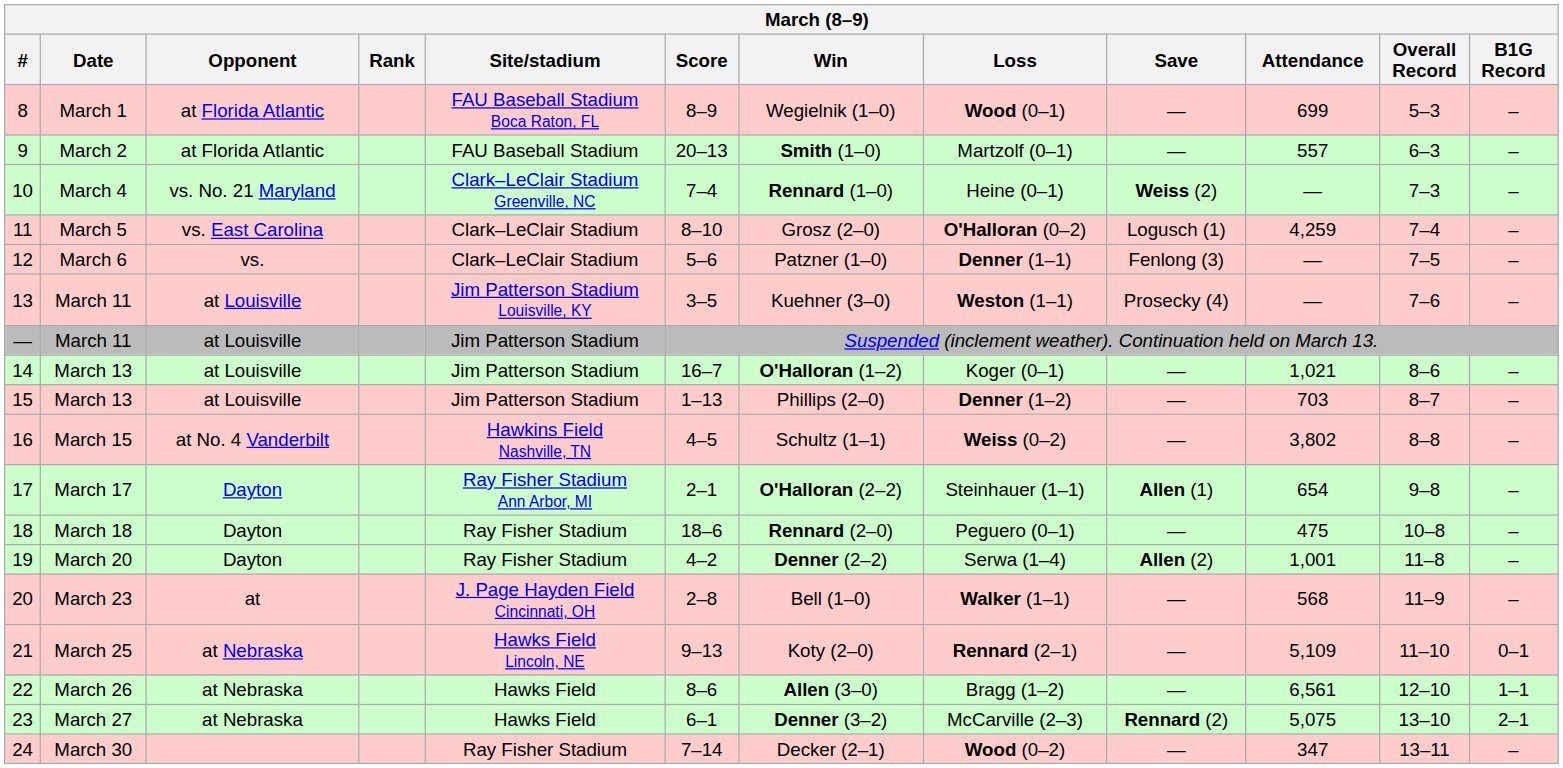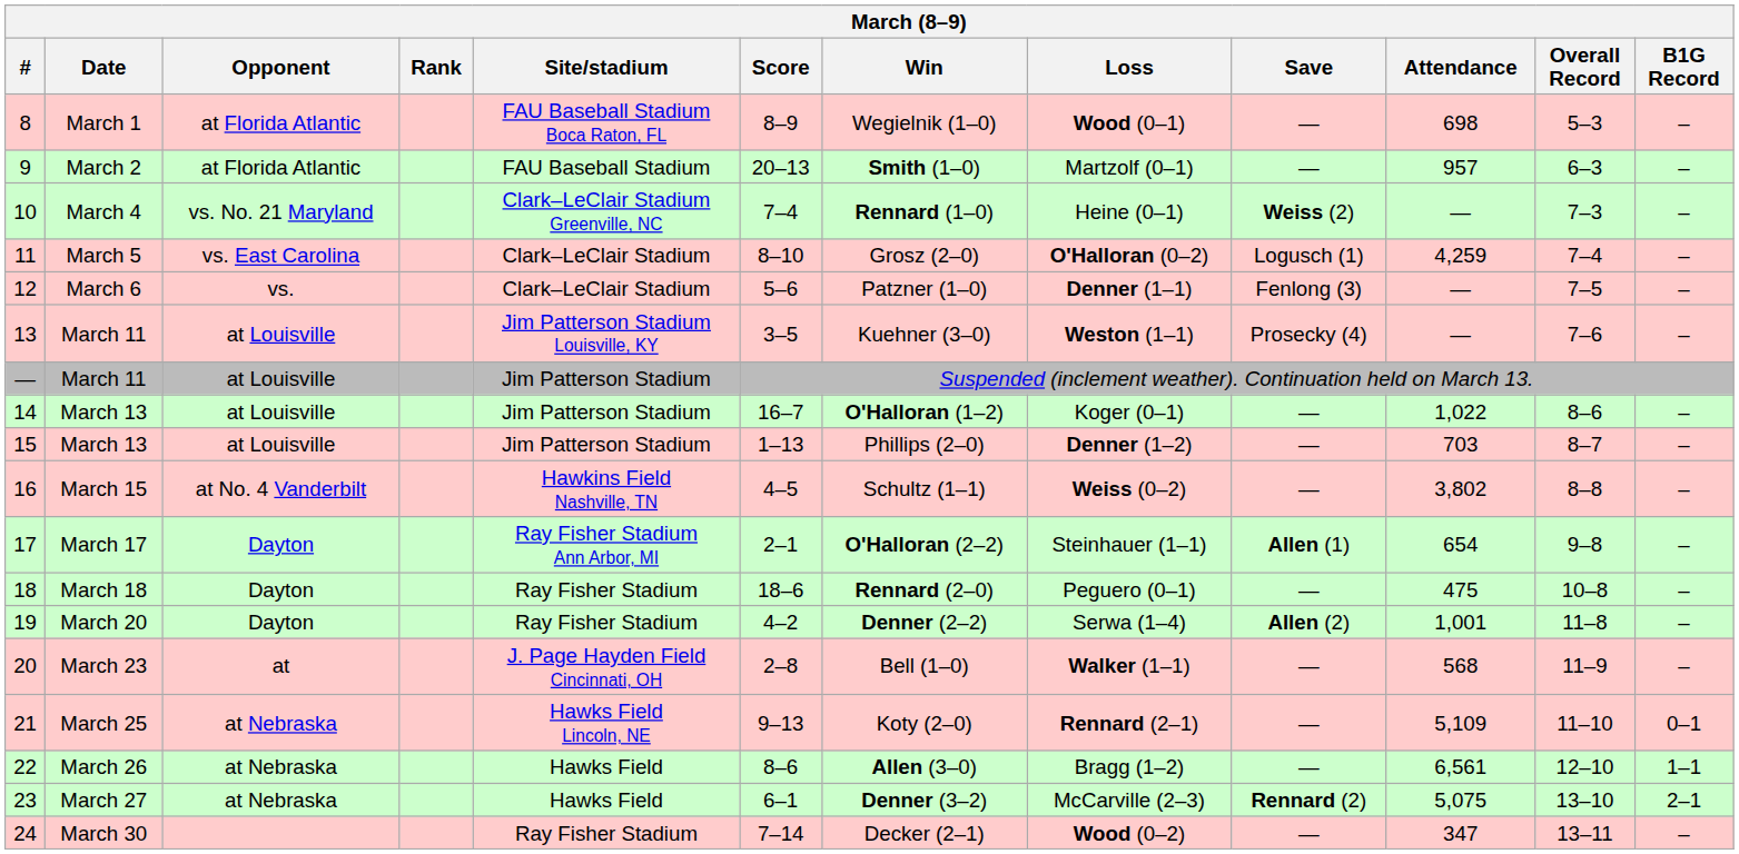 <table class="wikitable collapsible collapsed" style="margin:auto; width:100%; text-align:center; font-size:95%">
 <tr>
 <th colspan=12 style="padding-left:4em;">March (8–9)</th>
 </tr>
 <tr>
 <th>#</th>
 <th>Date</th>
 <th>Opponent</th>
 <th>Rank</th>
 <th>Site/stadium</th>
 <th>Score</th>
 <th>Win</th>
 <th>Loss</th>
 <th>Save</th>
 <th>Attendance</th>
 <th>Overall<br>Record</th>
 <th>B1G<br>Record</th>
 </tr>
 <tr align="center" bgcolor="#ffcccc">
 <td>8</td>
 <td>March 1</td>
 <td>at <a href='#'>Florida Atlantic</a></td>
 <td></td>
 <td><a href='#'>FAU Baseball Stadium</a><br><small><a href='#'>Boca Raton, FL</a></small></td>
 <td>8–9</td>
 <td>Wegielnik (1–0)</td>
 <td><strong>Wood</strong> (0–1)</td>
 <td>—</td>
-<td>699</td>
+<td>698</td>
 <td>5–3</td>
 <td>–</td>
 </tr>
 <tr align="center" bgcolor="#ccffcc">
 <td>9</td>
 <td>March 2</td>
 <td>at Florida Atlantic</td>
 <td></td>
 <td>FAU Baseball Stadium</td>
 <td>20–13</td>
 <td><strong>Smith</strong> (1–0)</td>
 <td>Martzolf (0–1)</td>
 <td>—</td>
-<td>557</td>
+<td>957</td>
 <td>6–3</td>
 <td>–</td>
 </tr>
 <tr align="center" bgcolor="#ccffcc">
 <td>10</td>
 <td>March 4</td>
 <td>vs.  No. 21 <a href='#'>Maryland</a></td>
 <td></td>
 <td><a href='#'>Clark–LeClair Stadium</a><br><small><a href='#'>Greenville, NC</a></small></td>
 <td>7–4</td>
 <td><strong>Rennard</strong> (1–0)</td>
 <td>Heine (0–1)</td>
 <td><strong>Weiss</strong> (2)</td>
 <td>—</td>
 <td>7–3</td>
 <td>–</td>
 </tr>
 <tr align="center" bgcolor="#ffcccc">
 <td>11</td>
 <td>March 5</td>
 <td>vs. <a href='#'>East Carolina</a></td>
 <td></td>
 <td>Clark–LeClair Stadium</td>
 <td>8–10</td>
 <td>Grosz (2–0)</td>
 <td><strong>O'Halloran</strong> (0–2)</td>
 <td>Logusch (1)</td>
 <td>4,259</td>
 <td>7–4</td>
 <td>–</td>
 </tr>
 <tr align="center" bgcolor="#ffcccc">
 <td>12</td>
 <td>March 6</td>
 <td>vs. </td>
 <td></td>
 <td>Clark–LeClair Stadium</td>
 <td>5–6</td>
 <td>Patzner (1–0)</td>
 <td><strong>Denner</strong> (1–1)</td>
 <td>Fenlong (3)</td>
 <td>—</td>
 <td>7–5</td>
 <td>–</td>
 </tr>
 <tr align="center" bgcolor="#ffcccc">
 <td>13</td>
 <td>March 11</td>
 <td>at <a href='#'>Louisville</a></td>
 <td></td>
 <td><a href='#'>Jim Patterson Stadium</a><br><small><a href='#'>Louisville, KY</a> </small></td>
 <td>3–5</td>
 <td>Kuehner (3–0)</td>
 <td><strong>Weston</strong> (1–1)</td>
 <td>Prosecky (4)</td>
 <td>—</td>
 <td>7–6</td>
 <td>–</td>
 </tr>
 <tr bgcolor="bbbbbb">
 <td>—</td>
 <td>March 11</td>
 <td>at Louisville</td>
 <td></td>
 <td>Jim Patterson Stadium</td>
 <td colspan="9"><em><a href='#'>Suspended</a> (inclement weather). Continuation held on March 13.</em></td>
 </tr>
 <tr align="center" bgcolor="#ccffcc">
 <td>14</td>
 <td>March 13</td>
 <td>at Louisville</td>
 <td></td>
 <td>Jim Patterson Stadium</td>
 <td>16–7</td>
 <td><strong>O'Halloran</strong> (1–2)</td>
 <td>Koger (0–1)</td>
 <td>—</td>
-<td>1,021</td>
+<td>1,022</td>
 <td>8–6</td>
 <td>–</td>
 </tr>
 <tr align="center" bgcolor="#ffcccc">
 <td>15</td>
 <td>March 13</td>
 <td>at Louisville</td>
 <td></td>
 <td>Jim Patterson Stadium</td>
 <td>1–13</td>
 <td>Phillips (2–0)</td>
 <td><strong>Denner</strong> (1–2)</td>
 <td>—</td>
 <td>703</td>
 <td>8–7</td>
 <td>–</td>
 </tr>
 <tr align="center" bgcolor="#ffcccc">
 <td>16</td>
 <td>March 15</td>
 <td>at No. 4 <a href='#'>Vanderbilt</a></td>
 <td></td>
 <td><a href='#'>Hawkins Field</a><br><small><a href='#'>Nashville, TN</a></small></td>
 <td>4–5</td>
 <td>Schultz (1–1)</td>
 <td><strong>Weiss</strong> (0–2)</td>
 <td>—</td>
 <td>3,802</td>
 <td>8–8</td>
 <td>–</td>
 </tr>
 <tr align="center" bgcolor="#ccffcc">
 <td>17</td>
 <td>March 17</td>
 <td><a href='#'>Dayton</a></td>
 <td></td>
 <td><a href='#'>Ray Fisher Stadium</a><br><small><a href='#'>Ann Arbor, MI</a></small></td>
 <td>2–1</td>
 <td><strong>O'Halloran</strong> (2–2)</td>
 <td>Steinhauer (1–1)</td>
 <td><strong>Allen</strong> (1)</td>
 <td>654</td>
 <td>9–8</td>
 <td>–</td>
 </tr>
 <tr align="center" bgcolor="ccffcc">
 <td>18</td>
 <td>March 18</td>
 <td>Dayton</td>
 <td></td>
 <td>Ray Fisher Stadium</td>
 <td>18–6</td>
 <td><strong>Rennard</strong> (2–0)</td>
 <td>Peguero (0–1)</td>
 <td>—</td>
 <td>475</td>
 <td>10–8</td>
 <td>–</td>
 </tr>
 <tr align="center" bgcolor="#ccffcc">
 <td>19</td>
 <td>March 20</td>
 <td>Dayton</td>
 <td></td>
 <td>Ray Fisher Stadium</td>
 <td>4–2</td>
 <td><strong>Denner</strong> (2–2)</td>
 <td>Serwa (1–4)</td>
 <td><strong>Allen</strong> (2)</td>
 <td>1,001</td>
 <td>11–8</td>
 <td>–</td>
 </tr>
 <tr align="center" bgcolor="#ffcccc">
 <td>20</td>
 <td>March 23</td>
 <td>at </td>
 <td></td>
 <td><a href='#'>J. Page Hayden Field</a><br><small><a href='#'>Cincinnati, OH</a></small></td>
 <td>2–8</td>
 <td>Bell (1–0)</td>
 <td><strong>Walker</strong> (1–1)</td>
 <td>—</td>
 <td>568</td>
 <td>11–9</td>
 <td>–</td>
 </tr>
 <tr align="center" bgcolor="#ffcccc">
 <td>21</td>
 <td>March 25</td>
 <td>at <a href='#'>Nebraska</a></td>
 <td></td>
 <td><a href='#'>Hawks Field</a><br><small><a href='#'>Lincoln, NE</a></small></td>
 <td>9–13</td>
 <td>Koty (2–0)</td>
 <td><strong>Rennard</strong> (2–1)</td>
 <td>—</td>
 <td>5,109</td>
 <td>11–10</td>
 <td>0–1</td>
 </tr>
 <tr align="center" bgcolor="#ccffcc">
 <td>22</td>
 <td>March 26</td>
 <td>at Nebraska</td>
 <td></td>
 <td>Hawks Field</td>
 <td>8–6</td>
 <td><strong>Allen</strong> (3–0)</td>
 <td>Bragg (1–2)</td>
 <td>—</td>
 <td>6,561</td>
 <td>12–10</td>
 <td>1–1</td>
 </tr>
 <tr align="center" bgcolor="#ccffcc">
 <td>23</td>
 <td>March 27</td>
 <td>at Nebraska</td>
 <td></td>
 <td>Hawks Field</td>
 <td>6–1</td>
 <td><strong>Denner</strong> (3–2)</td>
 <td>McCarville (2–3)</td>
 <td><strong>Rennard</strong> (2)</td>
 <td>5,075</td>
 <td>13–10</td>
 <td>2–1</td>
 </tr>
 <tr align="center" bgcolor="#ffcccc">
 <td>24</td>
 <td>March 30</td>
 <td></td>
 <td></td>
 <td>Ray Fisher Stadium</td>
 <td>7–14</td>
 <td>Decker (2–1)</td>
 <td><strong>Wood</strong> (0–2)</td>
 <td>—</td>
 <td>347</td>
 <td>13–11</td>
 <td>–</td>
 </tr>
 </table>
